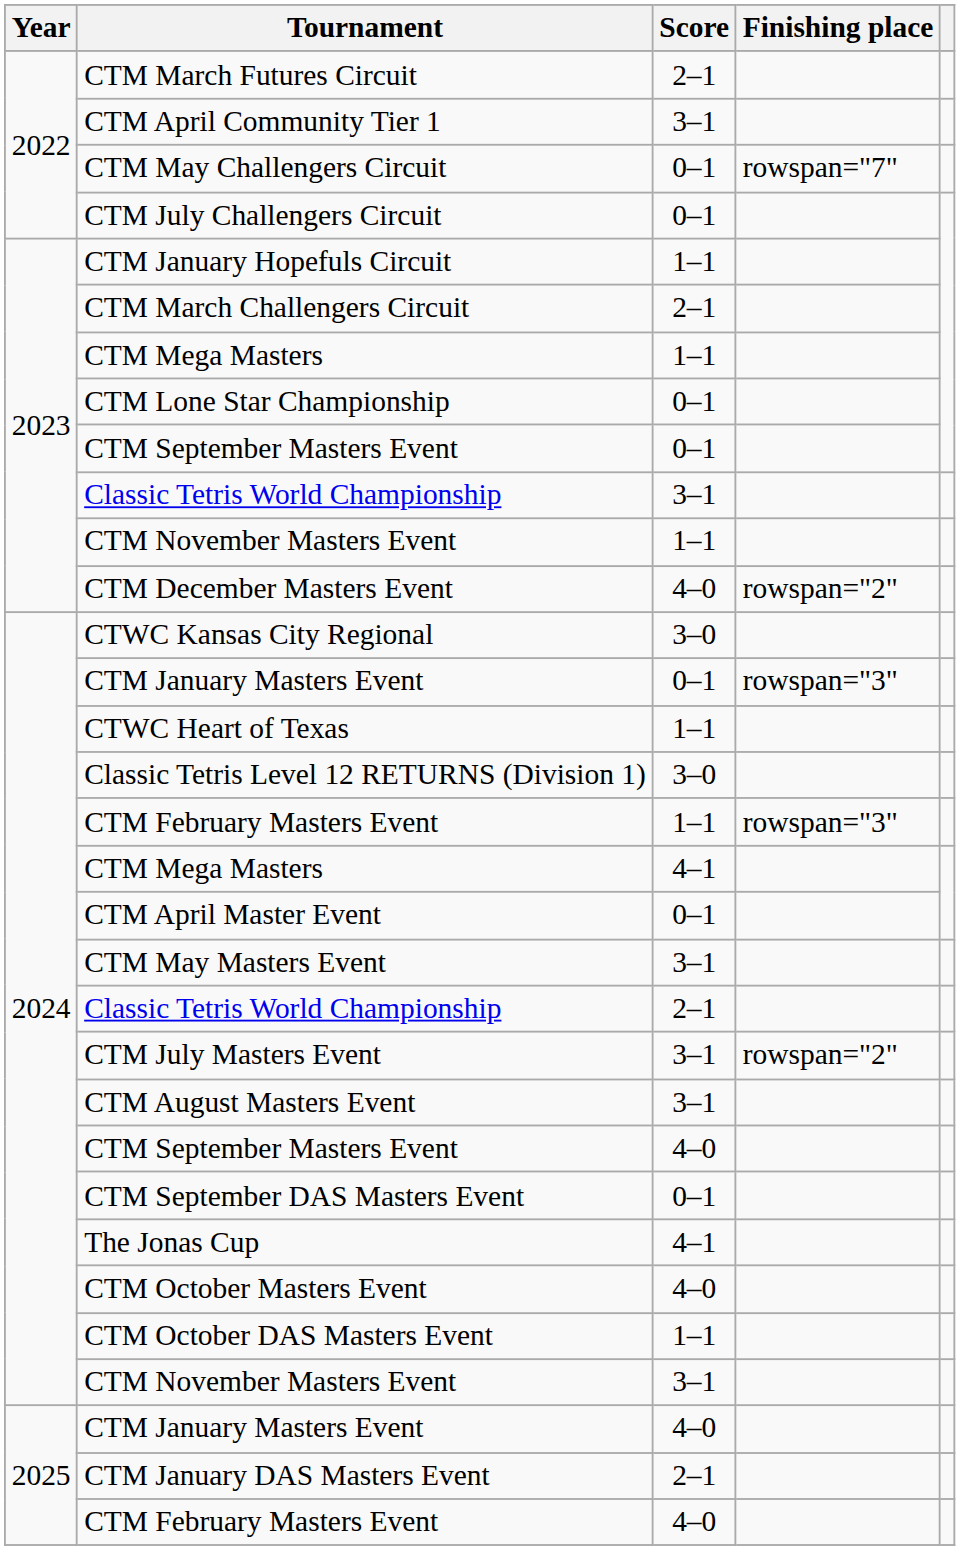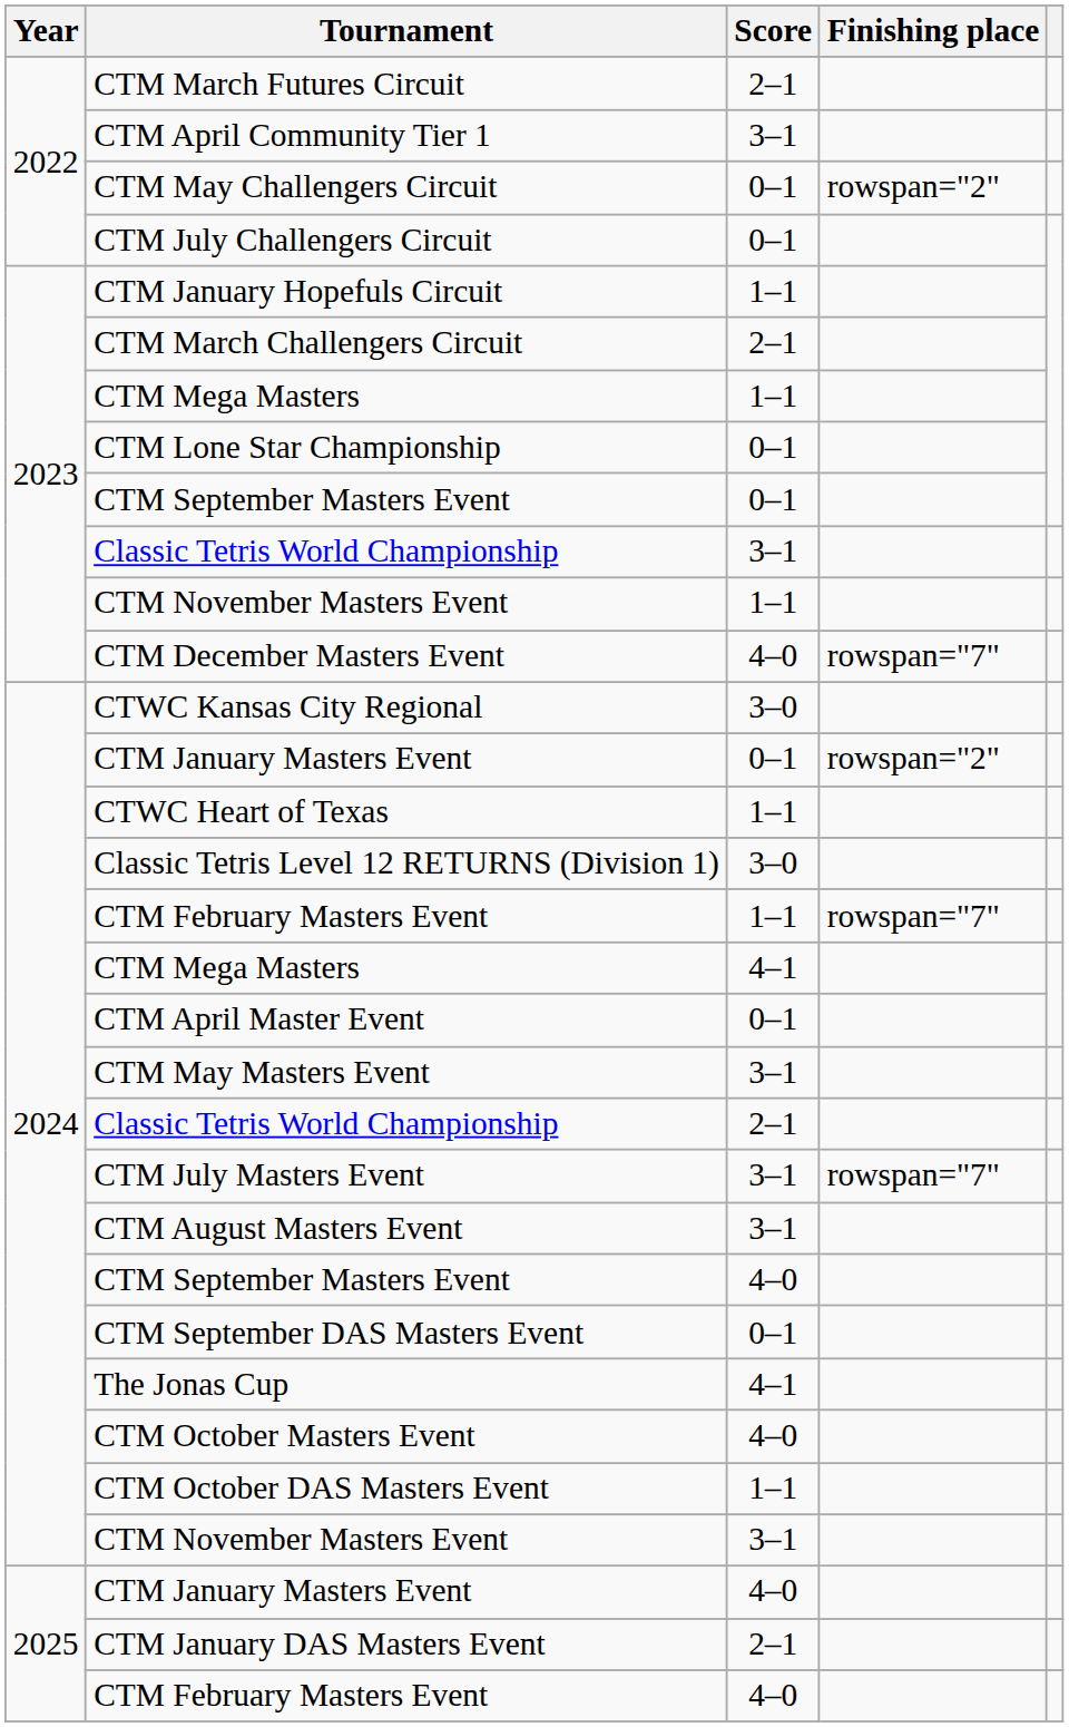 <table class="sortable wikitable plainrowheaders">
 <tr>
 <th scope="col">Year</th>
 <th scope="col">Tournament</th>
 <th scope="col">Score</th>
 <th scope="col">Finishing place</th>
 <th scope="col" align="center" class=unsortable></th>
 </tr>
 <tr>
 <td rowspan="4">2022</td>
 <td>CTM March Futures Circuit</td>
 <td align="center">2–1</td>
 <td></td>
 <td align="center"></td>
 </tr>
 <tr>
 <td>CTM April Community Tier 1</td>
 <td align="center">3–1</td>
 <td></td>
 <td align="center"></td>
 </tr>
 <tr>
 <td>CTM May Challengers Circuit</td>
 <td align="center">0–1</td>
-<td>rowspan="7" </td>
+<td>rowspan="2" </td>
 <td align="center"></td>
 </tr>
 <tr>
 <td>CTM July Challengers Circuit</td>
 <td align="center">0–1</td>
 <td align="center"></td>
 </tr>
 <tr>
 <td rowspan="8">2023</td>
 <td>CTM January Hopefuls Circuit</td>
 <td align="center">1–1</td>
 <td align="center"></td>
 </tr>
 <tr>
 <td>CTM March Challengers Circuit</td>
 <td align="center">2–1</td>
 <td align="center"></td>
 </tr>
 <tr>
 <td>CTM Mega Masters</td>
 <td align="center">1–1</td>
 <td align="center"></td>
 </tr>
 <tr>
 <td>CTM Lone Star Championship</td>
 <td align="center">0–1</td>
 <td align="center"></td>
 </tr>
 <tr>
 <td>CTM September Masters Event</td>
 <td align="center">0–1</td>
 <td align="center"></td>
 </tr>
 <tr>
 <td><a href='#'>Classic Tetris World Championship</a></td>
 <td align="center">3–1</td>
 <td></td>
 <td align="center"></td>
 </tr>
 <tr>
 <td>CTM November Masters Event</td>
 <td align="center">1–1</td>
 <td></td>
 <td align="center"></td>
 </tr>
 <tr>
 <td>CTM December Masters Event</td>
 <td align="center">4–0</td>
-<td>rowspan="2" </td>
+<td>rowspan="7" </td>
 <td align="center"></td>
 </tr>
 <tr>
 <td rowspan="17">2024</td>
 <td>CTWC Kansas City Regional</td>
 <td align="center">3–0</td>
 <td align="center"></td>
 </tr>
 <tr>
 <td>CTM January Masters Event</td>
 <td align="center">0–1</td>
-<td>rowspan="3" </td>
+<td>rowspan="2" </td>
 <td align="center"></td>
 </tr>
 <tr>
 <td>CTWC Heart of Texas</td>
 <td align="center">1–1</td>
 <td align="center"></td>
 </tr>
 <tr>
 <td>Classic Tetris Level 12 RETURNS (Division 1)</td>
 <td align="center">3–0</td>
 <td></td>
 <td align="center"></td>
 </tr>
 <tr>
 <td>CTM February Masters Event</td>
 <td align="center">1–1</td>
-<td>rowspan="3" </td>
+<td>rowspan="7" </td>
 <td align="center"></td>
 </tr>
 <tr>
 <td>CTM Mega Masters</td>
 <td align="center">4–1</td>
 <td align="center"></td>
 </tr>
 <tr>
 <td>CTM April Master Event</td>
 <td align="center">0–1</td>
 <td align="center"></td>
 </tr>
 <tr>
 <td>CTM May Masters Event</td>
 <td align="center">3–1</td>
 <td></td>
 <td align="center"></td>
 </tr>
 <tr>
 <td><a href='#'>Classic Tetris World Championship</a></td>
 <td align="center">2–1</td>
 <td></td>
 <td align="center"></td>
 </tr>
 <tr>
 <td>CTM July Masters Event</td>
 <td align="center">3–1</td>
-<td>rowspan="2" </td>
+<td>rowspan="7" </td>
 <td align="center"></td>
 </tr>
 <tr>
 <td>CTM August Masters Event</td>
 <td align="center">3–1</td>
 <td align="center"></td>
 </tr>
 <tr>
 <td>CTM September Masters Event</td>
 <td align="center">4–0</td>
 <td></td>
 <td align="center"></td>
 </tr>
 <tr>
 <td>CTM September DAS Masters Event</td>
 <td align="center">0–1</td>
 <td></td>
 <td align="center"></td>
 </tr>
 <tr>
 <td>The Jonas Cup</td>
 <td align="center">4–1</td>
 <td></td>
 <td align="center"></td>
 </tr>
 <tr>
 <td>CTM October Masters Event</td>
 <td align="center">4–0</td>
 <td></td>
 <td align="center"></td>
 </tr>
 <tr>
 <td>CTM October DAS Masters Event</td>
 <td align="center">1–1</td>
 <td></td>
 <td align="center"></td>
 </tr>
 <tr>
 <td>CTM November Masters Event</td>
 <td align="center">3–1</td>
 <td></td>
 <td align="center"></td>
 </tr>
 <tr>
 <td rowspan="3">2025</td>
 <td>CTM January Masters Event</td>
 <td align="center">4–0</td>
 <td></td>
 <td align="center"></td>
 </tr>
 <tr>
 <td>CTM January DAS Masters Event</td>
 <td align="center">2–1</td>
 <td></td>
 <td align="center"></td>
 </tr>
 <tr>
 <td>CTM February Masters Event</td>
 <td align="center">4–0</td>
 <td></td>
 <td align="center"></td>
 </tr>
 </table>
